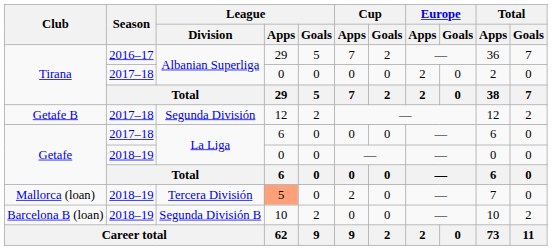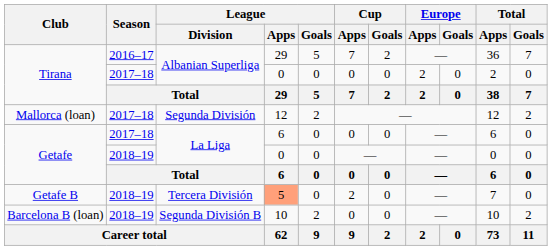 <table class="wikitable" style="text-align:center">
 <tr>
 <th rowspan="2">Club</th>
 <th rowspan="2">Season</th>
 <th colspan="3">League</th>
 <th colspan="2">Cup</th>
 <th colspan="2"><a href='#'>Europe</a></th>
 <th colspan="2">Total</th>
 </tr>
 <tr>
 <th>Division</th>
 <th>Apps</th>
 <th>Goals</th>
 <th>Apps</th>
 <th>Goals</th>
 <th>Apps</th>
 <th>Goals</th>
 <th>Apps</th>
 <th>Goals</th>
 </tr>
 <tr>
 <td rowspan="3"><a href='#'>Tirana</a></td>
 <td><a href='#'>2016–17</a></td>
 <td rowspan="2"><a href='#'>Albanian Superliga</a></td>
 <td>29</td>
 <td>5</td>
 <td>7</td>
 <td>2</td>
 <td colspan="2">—</td>
 <td>36</td>
 <td>7</td>
 </tr>
 <tr>
 <td><a href='#'>2017–18</a></td>
 <td>0</td>
 <td>0</td>
 <td>0</td>
 <td>0</td>
 <td>2</td>
 <td>0</td>
 <td>2</td>
 <td>0</td>
 </tr>
 <tr>
 <th colspan="2">Total</th>
 <th>29</th>
 <th>5</th>
 <th>7</th>
 <th>2</th>
 <th>2</th>
 <th>0</th>
 <th>38</th>
 <th>7</th>
 </tr>
 <tr>
-<td><a href='#'>Getafe B</a></td>
+<td><a href='#'>Mallorca</a> (loan)</td>
 <td><a href='#'>2017–18</a></td>
 <td><a href='#'>Segunda División</a></td>
 <td>12</td>
 <td>2</td>
 <td colspan="4">—</td>
 <td>12</td>
 <td>2</td>
 </tr>
 <tr>
 <td rowspan="3"><a href='#'>Getafe</a></td>
 <td><a href='#'>2017–18</a></td>
 <td rowspan="2"><a href='#'>La Liga</a></td>
 <td>6</td>
 <td>0</td>
 <td>0</td>
 <td>0</td>
 <td colspan="2">—</td>
 <td>6</td>
 <td>0</td>
 </tr>
 <tr>
 <td><a href='#'>2018–19</a></td>
 <td>0</td>
 <td>0</td>
 <td colspan="2">—</td>
 <td colspan="2">—</td>
 <td>0</td>
 <td>0</td>
 </tr>
 <tr>
 <th colspan="2">Total</th>
 <th>6</th>
 <th>0</th>
 <th>0</th>
 <th>0</th>
 <th colspan="2">—</th>
 <th>6</th>
 <th>0</th>
 </tr>
 <tr>
-<td><a href='#'>Mallorca</a> (loan)</td>
+<td><a href='#'>Getafe B</a></td>
 <td><a href='#'>2018–19</a></td>
 <td><a href='#'>Tercera División</a></td>
 <td style="background: lightsalmon;">5</td>
 <td>0</td>
 <td>2</td>
 <td>0</td>
 <td colspan="2">—</td>
 <td>7</td>
 <td>0</td>
 </tr>
 <tr>
 <td><a href='#'>Barcelona B</a> (loan)</td>
 <td><a href='#'>2018–19</a></td>
 <td><a href='#'>Segunda División B</a></td>
 <td>10</td>
 <td>2</td>
 <td>0</td>
 <td>0</td>
 <td colspan="2">—</td>
 <td>10</td>
 <td>2</td>
 </tr>
 <tr>
 <th colspan="3">Career total</th>
 <th>62</th>
 <th>9</th>
 <th>9</th>
 <th>2</th>
 <th>2</th>
 <th>0</th>
 <th>73</th>
 <th>11</th>
 </tr>
 </table>
